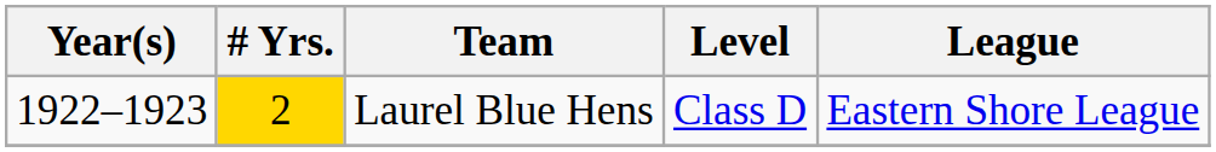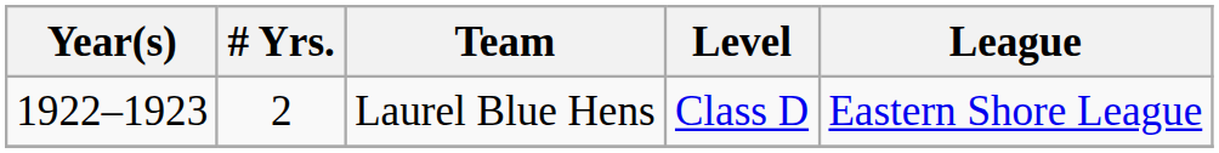 <table class="wikitable" style="text-align:center; font-size: 95%;">
 <tr>
 <th>Year(s)</th>
 <th># Yrs.</th>
 <th>Team</th>
 <th>Level</th>
 <th>League</th>
 </tr>
 <tr>
 <td>1922–1923</td>
-<td style="background: gold;">2</td>
+<td>2</td>
 <td>Laurel Blue Hens</td>
 <td><a href='#'>Class D</a></td>
 <td><a href='#'>Eastern Shore League</a></td>
 </tr>
 <tr>
 </tr>
 </table>
